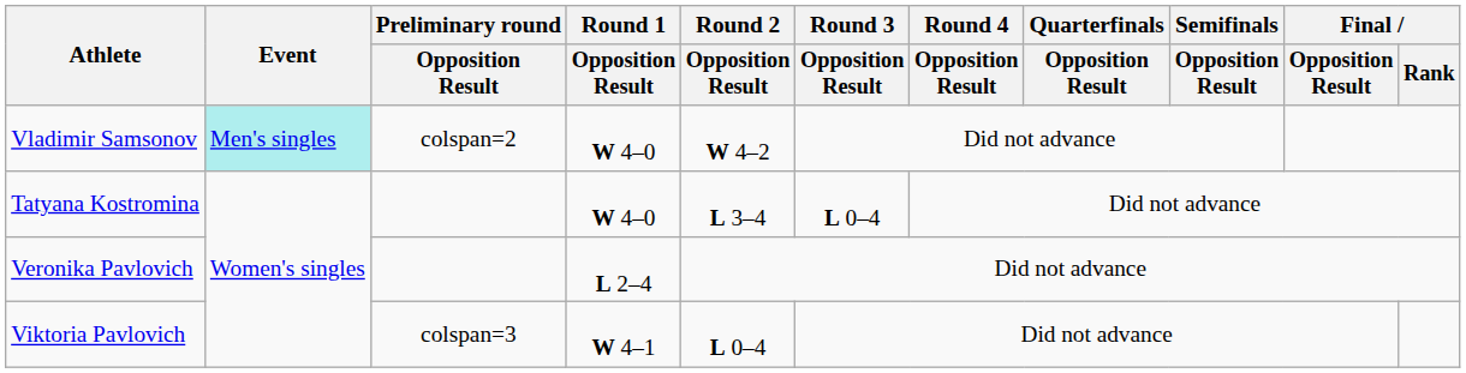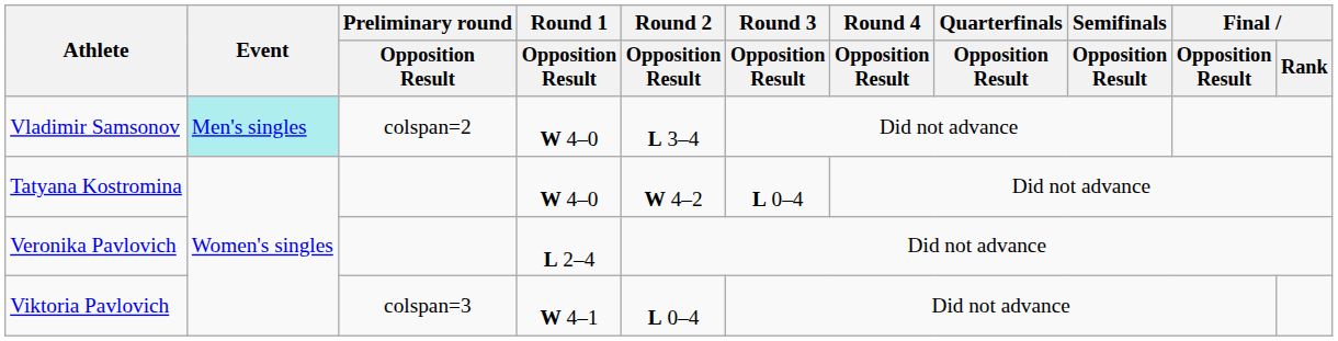 <table class="wikitable" style="font-size:90%">
 <tr>
 <th rowspan="2">Athlete</th>
 <th rowspan="2">Event</th>
 <th>Preliminary round</th>
 <th>Round 1</th>
 <th>Round 2</th>
 <th>Round 3</th>
 <th>Round 4</th>
 <th>Quarterfinals</th>
 <th>Semifinals</th>
 <th colspan=2>Final / </th>
 </tr>
 <tr style="font-size:95%">
 <th>Opposition<br>Result</th>
 <th>Opposition<br>Result</th>
 <th>Opposition<br>Result</th>
 <th>Opposition<br>Result</th>
 <th>Opposition<br>Result</th>
 <th>Opposition<br>Result</th>
 <th>Opposition<br>Result</th>
 <th>Opposition<br>Result</th>
 <th>Rank</th>
 </tr>
 <tr align=center>
 <td align=left><a href='#'>Vladimir Samsonov</a></td>
 <td align=left style="background: paleturquoise;"><a href='#'>Men's singles</a></td>
 <td>colspan=2 </td>
 <td><br><strong>W</strong> 4–0</td>
-<td><br><strong>W</strong> 4–2</td>
+<td><br><strong>L</strong> 3–4</td>
 <td colspan=4>Did not advance</td>
 </tr>
 <tr align=center>
 <td align=left><a href='#'>Tatyana Kostromina</a></td>
 <td align=left rowspan=3><a href='#'>Women's singles</a></td>
 <td></td>
 <td><br><strong>W</strong> 4–0</td>
-<td><br><strong>L</strong> 3–4</td>
+<td><br><strong>W</strong> 4–2</td>
 <td><br><strong>L</strong> 0–4</td>
 <td colspan=5>Did not advance</td>
 </tr>
 <tr align=center>
 <td align=left><a href='#'>Veronika Pavlovich</a></td>
 <td></td>
 <td><br><strong>L</strong> 2–4</td>
 <td colspan=7>Did not advance</td>
 </tr>
 <tr align=center>
 <td align=left><a href='#'>Viktoria Pavlovich</a></td>
 <td>colspan=3 </td>
 <td><br><strong>W</strong> 4–1</td>
 <td><br><strong>L</strong> 0–4</td>
 <td colspan=5>Did not advance</td>
 </tr>
 </table>
